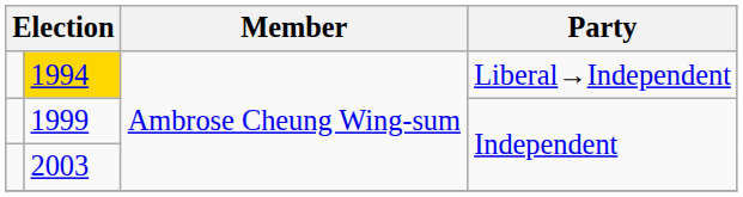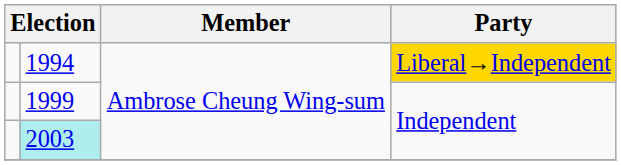 <table class="wikitable">
 <tr>
 <th colspan="2">Election</th>
 <th>Member</th>
 <th>Party</th>
 </tr>
 <tr>
 <td style="background-color: "></td>
-<td style="background: gold;"><a href='#'>1994</a></td>
+<td><a href='#'>1994</a></td>
 <td rowspan=3><a href='#'>Ambrose Cheung Wing-sum</a></td>
-<td><a href='#'>Liberal</a>→<a href='#'>Independent</a></td>
+<td style="background: gold;"><a href='#'>Liberal</a>→<a href='#'>Independent</a></td>
 </tr>
 <tr>
 <td style="background-color: "></td>
 <td><a href='#'>1999</a></td>
 <td rowspan=2><a href='#'>Independent</a></td>
 </tr>
 <tr>
 <td style="background-color: "></td>
-<td><a href='#'>2003</a></td>
+<td style="background: paleturquoise;"><a href='#'>2003</a></td>
 </tr>
 <tr>
 </tr>
 </table>
